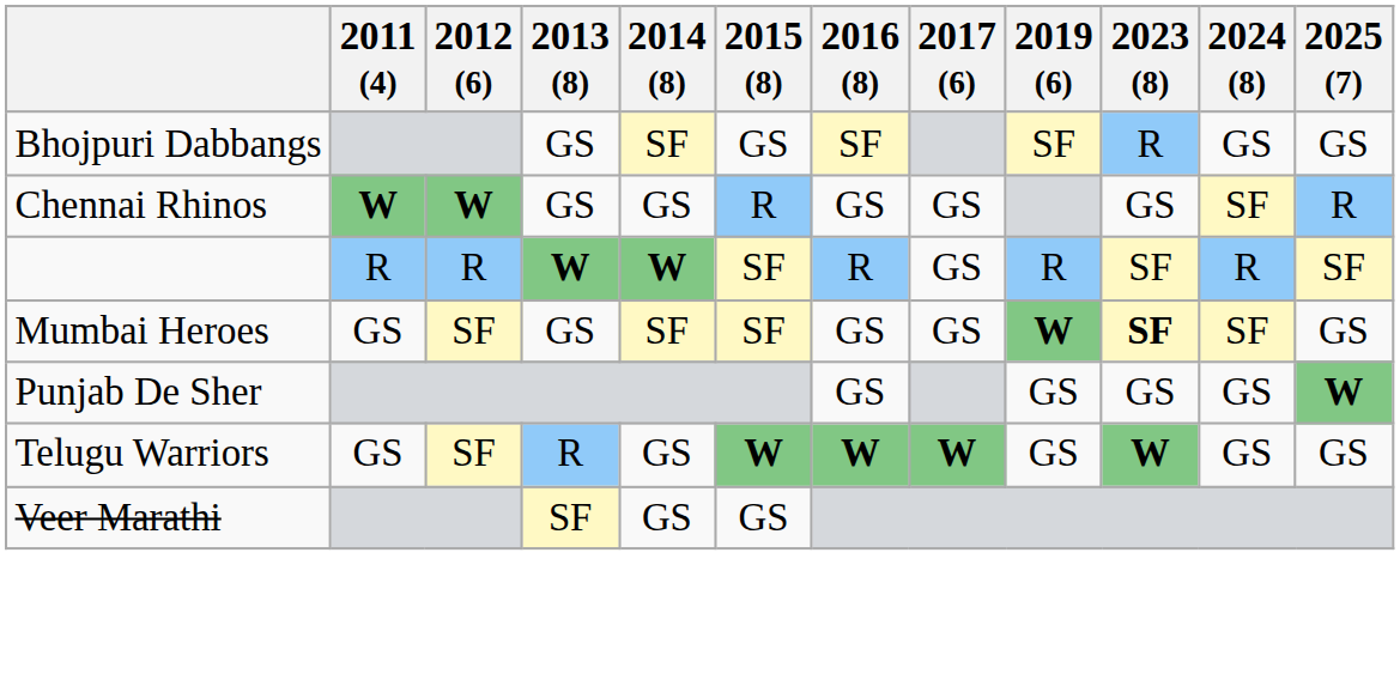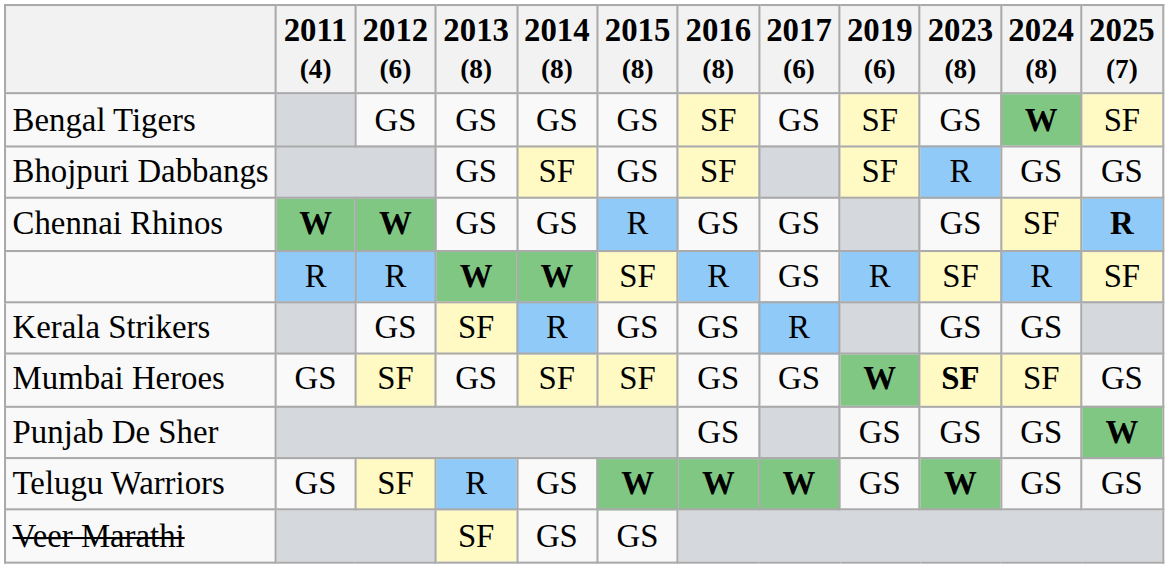 <table class="wikitable" style="text-align: center;">
 <tr>
 <th></th>
 <th>2011<br><small>(4)</small></th>
 <th>2012<br><small>(6)</small></th>
 <th>2013<br><small>(8)</small></th>
 <th>2014<br><small>(8)</small></th>
 <th>2015<br><small>(8)</small></th>
 <th>2016<br><small>(8)</small></th>
 <th>2017<br><small>(6)</small></th>
 <th>2019<br><small>(6)</small></th>
 <th>2023<br><small>(8)</small></th>
 <th>2024<br><small>(8)</small></th>
 <th>2025<br><small>(7)</small></th>
+</tr>
+<tr>
+<td style="text-align:left;">Bengal Tigers</td>
+<td style="background: #D5D8DC;" colspan=1></td>
+<td style="background:CCFFFF;">GS</td>
+<td style="background:CCFFFF;">GS</td>
+<td style="background:CCFFFF;">GS</td>
+<td style="background:CCFFFF;">GS</td>
+<td style="background:#FFF9C4;">SF</td>
+<td style="background:CCFFFF;">GS</td>
+<td style="background:#FFF9C4;">SF</td>
+<td style="background:CCFFFF;">GS</td>
+<td bgcolor="#81C784"><strong>W</strong></td>
+<td style="background:#FFF9C4;">SF</td>
 </tr>
 <tr>
 <td style="text-align:left;">Bhojpuri Dabbangs</td>
 <td style="background: #D5D8DC;" colspan=2></td>
 <td style="background:CCFFFF;">GS</td>
 <td style="background:#FFF9C4;">SF</td>
 <td style="background:CCFFFF;">GS</td>
 <td style="background:#FFF9C4;">SF</td>
 <td style="background: #D5D8DC;" colspan=1></td>
 <td style="background:#FFF9C4;">SF</td>
 <td style="background:#90CAF9;">R</td>
 <td style="background:CCFFFF;">GS</td>
 <td style="background:CCFFFF;">GS</td>
 </tr>
 <tr>
 <td style="text-align:left;">Chennai Rhinos</td>
 <td bgcolor=#81C784><strong>W</strong></td>
 <td bgcolor=#81C784><strong>W</strong></td>
 <td style="background:CCFFFF;">GS</td>
 <td style="background:CCFFFF;">GS</td>
 <td style="background:#90CAF9;">R</td>
 <td style="background:CCFFFF;">GS</td>
 <td style="background:CCFFFF;">GS</td>
 <td style="background: #D5D8DC;" colspan=1></td>
 <td style="background:CCFFFF;">GS</td>
 <td style="background:#FFF9C4;">SF</td>
-<td style="background:#90CAF9;">R</td>
+<td style="background:#90CAF9;"><strong>R</strong></td>
 </tr>
 <tr>
 <td style="text-align:left;"></td>
 <td style="background:#90CAF9;">R</td>
 <td style="background:#90CAF9;">R</td>
 <td bgcolor=#81C784><strong>W</strong></td>
 <td bgcolor=#81C784><strong>W</strong></td>
 <td style="background:#FFF9C4;">SF</td>
 <td style="background:#90CAF9;">R</td>
 <td style="background:CCFFFF;">GS</td>
 <td style="background:#90CAF9;">R</td>
 <td style="background:#FFF9C4;">SF</td>
 <td style="background:#90CAF9;">R</td>
 <td style="background:#FFF9C4;">SF</td>
+</tr>
+<tr>
+<td style="text-align:left;">Kerala Strikers</td>
+<td style="background: #D5D8DC;" colspan=1></td>
+<td style="background:CCFFFF;">GS</td>
+<td style="background:#FFF9C4;">SF</td>
+<td style="background:#90CAF9;">R</td>
+<td style="background:CCFFFF;">GS</td>
+<td style="background:CCFFFF;">GS</td>
+<td style="background:#90CAF9;">R</td>
+<td style="background: #D5D8DC;" colspan=1></td>
+<td style="background:CCFFFF;">GS</td>
+<td style="background:CCFFFF;">GS</td>
+<td style="background: #D5D8DC;" colspan=1></td>
 </tr>
 <tr>
 <td style="text-align:left;">Mumbai Heroes</td>
 <td style="background:CCFFFF;">GS</td>
 <td style="background:#FFF9C4;">SF</td>
 <td style="background:CCFFFF;">GS</td>
 <td style="background:#FFF9C4;">SF</td>
 <td style="background:#FFF9C4;">SF</td>
 <td style="background:CCFFFF;">GS</td>
 <td style="background:CCFFFF;">GS</td>
 <td bgcolor="#81C784"><strong>W</strong></td>
 <td style="background:#FFF9C4;"><strong>SF</strong></td>
 <td style="background:#FFF9C4;">SF</td>
 <td style="background:CCFFFF;">GS</td>
 </tr>
 <tr>
 <td style="text-align:left;">Punjab De Sher</td>
 <td style="background: #D5D8DC;" colspan=5></td>
 <td style="background:CCFFFF;">GS</td>
 <td style="background: #D5D8DC;" colspan=1></td>
 <td style="background:CCFFFF;">GS</td>
 <td style="background:CCFFFF;">GS</td>
 <td style="background:CCFFFF;">GS</td>
 <td bgcolor="#81C784"><strong>W</strong></td>
 </tr>
 <tr>
 <td style="text-align:left;">Telugu Warriors</td>
 <td style="background:CCFFFF;">GS</td>
 <td style="background:#FFF9C4;">SF</td>
 <td style="background:#90CAF9;">R</td>
 <td style="background:CCFFFF;">GS</td>
 <td bgcolor=#81C784><strong>W</strong></td>
 <td bgcolor=#81C784><strong>W</strong></td>
 <td bgcolor=#81C784><strong>W</strong></td>
 <td style="background:CCFFFF;">GS</td>
 <td style="background:#81C784"><strong>W</strong></td>
 <td style="background:CCFFFF;">GS</td>
 <td style="background:CCFFFF;">GS</td>
 </tr>
 <tr>
 <td style="text-align:left;"><s>Veer Marathi</s></td>
 <td style="background: #D5D8DC;" colspan=2></td>
 <td style="background:#FFF9C4;">SF</td>
 <td style="background:CCFFFF;">GS</td>
 <td style="background:CCFFFF;">GS</td>
 <td style="background: #D5D8DC;" colspan=6></td>
 </tr>
 </table>
